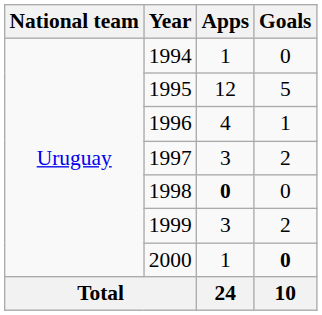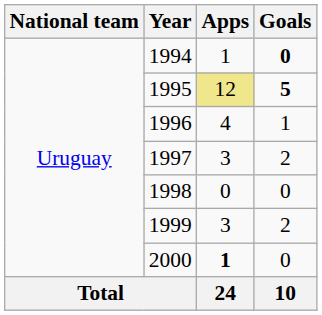 <table class="wikitable" style="text-align:center">
 <tr>
 <th>National team</th>
 <th>Year</th>
 <th>Apps</th>
 <th>Goals</th>
 </tr>
 <tr>
 <td rowspan="7"><a href='#'>Uruguay</a></td>
 <td>1994</td>
 <td>1</td>
-<td>0</td>
+<td><strong>0</strong></td>
 </tr>
 <tr>
 <td>1995</td>
-<td>12</td>
-<td>5</td>
+<td style="background: khaki;">12</td>
+<td><strong>5</strong></td>
 </tr>
 <tr>
 <td>1996</td>
 <td>4</td>
 <td>1</td>
 </tr>
 <tr>
 <td>1997</td>
 <td>3</td>
 <td>2</td>
 </tr>
 <tr>
 <td>1998</td>
-<td><strong>0</strong></td>
+<td>0</td>
 <td>0</td>
 </tr>
 <tr>
 <td>1999</td>
 <td>3</td>
 <td>2</td>
 </tr>
 <tr>
 <td>2000</td>
-<td>1</td>
-<td><strong>0</strong></td>
+<td><strong>1</strong></td>
+<td>0</td>
 </tr>
 <tr>
 <th colspan="2">Total</th>
 <th>24</th>
 <th>10</th>
 </tr>
 </table>
